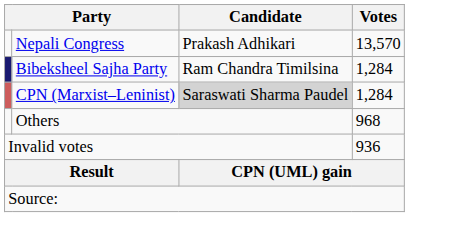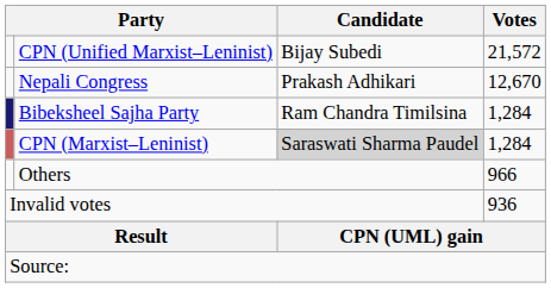 <table class="wikitable">
 <tr>
 <th colspan="2">Party</th>
 <th>Candidate</th>
 <th>Votes</th>
 </tr>
 <tr>
 <td style="background-color:"></td>
+<td><a href='#'>CPN (Unified Marxist–Leninist)</a></td>
+<td>Bijay Subedi</td>
+<td>21,572</td>
+</tr>
+<tr>
+<td style="background-color:"></td>
 <td><a href='#'>Nepali Congress</a></td>
 <td>Prakash Adhikari</td>
-<td>13,570</td>
+<td>12,670</td>
 </tr>
 <tr>
 <td style="background-color:midnightblue"></td>
 <td><a href='#'>Bibeksheel Sajha Party</a></td>
 <td>Ram Chandra Timilsina</td>
 <td>1,284</td>
 </tr>
 <tr>
 <td style="background-color:indianred"></td>
 <td><a href='#'>CPN (Marxist–Leninist)</a></td>
 <td style="background: lightgrey;">Saraswati Sharma Paudel</td>
 <td>1,284</td>
 </tr>
 <tr>
 <td></td>
 <td colspan="2">Others</td>
-<td>968</td>
+<td>966</td>
 </tr>
 <tr>
 <td colspan="3">Invalid votes</td>
 <td>936</td>
 </tr>
 <tr>
 <th colspan="2">Result</th>
 <th colspan="2">CPN (UML) gain</th>
 </tr>
 <tr>
 <td colspan="4">Source: </td>
 </tr>
 </table>
